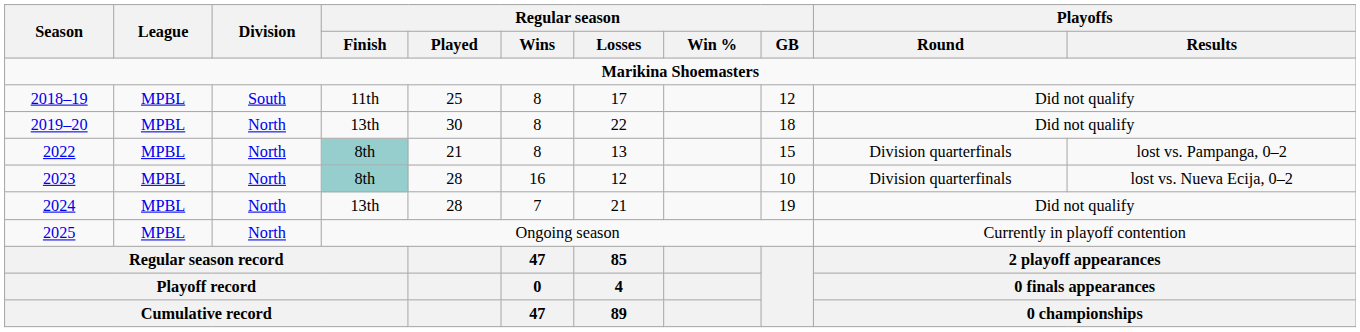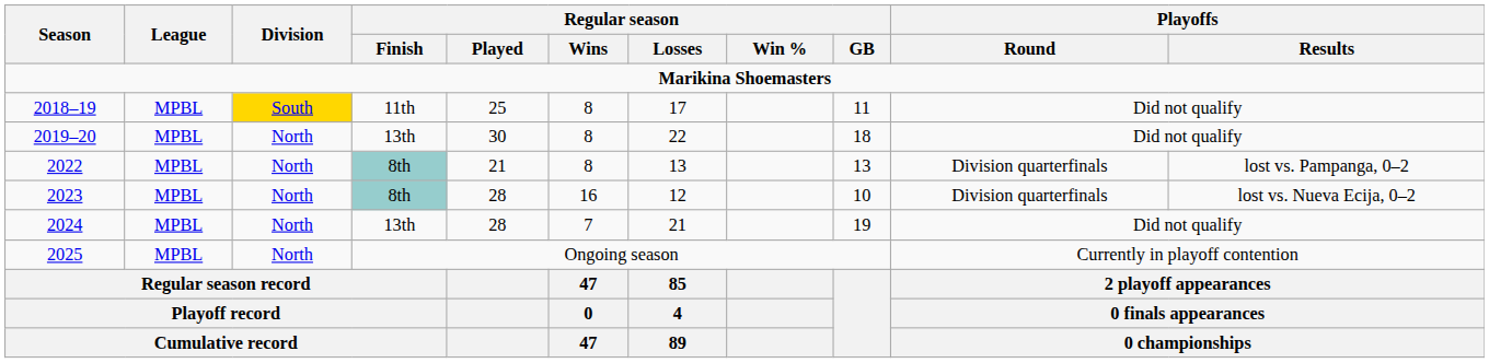 <table class="wikitable" style="width:100%; text-align:center; font-size:95%">
 <tr>
 <th rowspan=2>Season</th>
 <th rowspan=2>League</th>
 <th rowspan=2>Division</th>
 <th colspan=6>Regular season</th>
 <th colspan=2>Playoffs</th>
 </tr>
 <tr>
 <th>Finish</th>
 <th>Played</th>
 <th>Wins</th>
 <th>Losses</th>
 <th>Win %</th>
 <th>GB</th>
 <th>Round</th>
 <th>Results</th>
 </tr>
 <tr>
 <td align="center" colspan="11"><strong>Marikina Shoemasters</strong></td>
 </tr>
 <tr>
 <td><a href='#'>2018–19</a></td>
 <td><a href='#'>MPBL</a></td>
-<td><a href='#'>South</a></td>
+<td style="background: gold;"><a href='#'>South</a></td>
 <td>11th</td>
 <td>25</td>
 <td>8</td>
 <td>17</td>
 <td></td>
-<td>12</td>
+<td>11</td>
 <td colspan=2>Did not qualify</td>
 </tr>
 <tr>
 <td><a href='#'>2019–20</a></td>
 <td><a href='#'>MPBL</a></td>
 <td><a href='#'>North</a></td>
 <td>13th</td>
 <td>30</td>
 <td>8</td>
 <td>22</td>
 <td></td>
 <td>18</td>
 <td colspan=2>Did not qualify</td>
 </tr>
 <tr>
 <td><a href='#'>2022</a></td>
 <td><a href='#'>MPBL</a></td>
 <td><a href='#'>North</a></td>
 <td bgcolor="#96CDCD">8th</td>
 <td>21</td>
 <td>8</td>
 <td>13</td>
 <td></td>
-<td>15</td>
+<td>13</td>
 <td>Division quarterfinals</td>
 <td>lost vs. Pampanga, 0–2</td>
 </tr>
 <tr>
 <td><a href='#'>2023</a></td>
 <td><a href='#'>MPBL</a></td>
 <td><a href='#'>North</a></td>
 <td bgcolor="#96CDCD">8th</td>
 <td>28</td>
 <td>16</td>
 <td>12</td>
 <td></td>
 <td>10</td>
 <td>Division quarterfinals</td>
 <td>lost vs. Nueva Ecija, 0–2</td>
 </tr>
 <tr>
 <td><a href='#'>2024</a></td>
 <td><a href='#'>MPBL</a></td>
 <td><a href='#'>North</a></td>
 <td>13th</td>
 <td>28</td>
 <td>7</td>
 <td>21</td>
 <td></td>
 <td>19</td>
 <td colspan=2>Did not qualify</td>
 </tr>
 <tr>
 <td><a href='#'>2025</a></td>
 <td><a href='#'>MPBL</a></td>
 <td><a href='#'>North</a></td>
 <td colspan=6>Ongoing season</td>
 <td colspan=2>Currently in playoff contention</td>
 </tr>
 <tr>
 <th colspan=4>Regular season record</th>
 <th></th>
 <th>47</th>
 <th>85</th>
 <th></th>
 <th rowspan=3></th>
 <th colspan=2>2 playoff appearances</th>
 </tr>
 <tr>
 <th colspan=4>Playoff record</th>
 <th></th>
 <th>0</th>
 <th>4</th>
 <th></th>
 <th colspan=2>0 finals appearances</th>
 </tr>
 <tr>
 <th colspan=4>Cumulative record</th>
 <th></th>
 <th>47</th>
 <th>89</th>
 <th></th>
 <th colspan=2>0 championships</th>
 </tr>
 </table>
